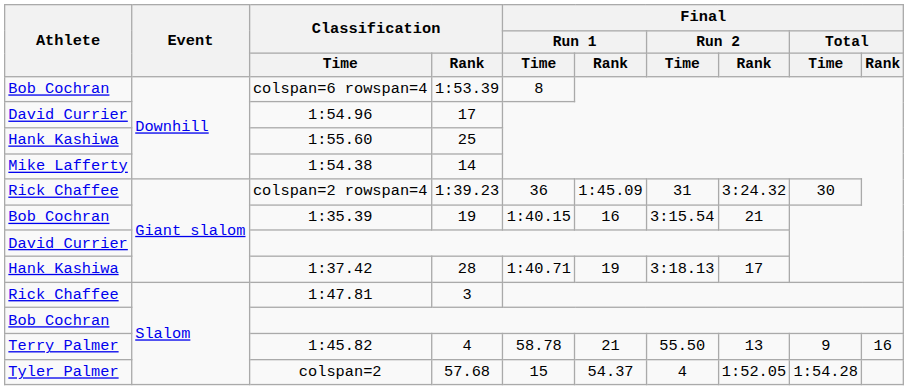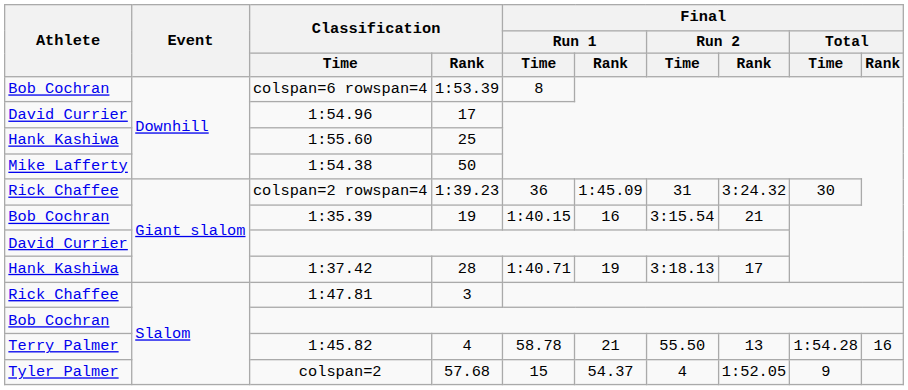 <table class=wikitable style=font-size:90%;text-align:center>
 <tr>
 <th rowspan=3>Athlete</th>
 <th rowspan=3>Event</th>
 <th rowspan=2 colspan=2>Classification</th>
 <th colspan=6>Final</th>
 </tr>
 <tr style=font-size:95%>
 <th colspan=2>Run 1</th>
 <th colspan=2>Run 2</th>
 <th colspan=2>Total</th>
 </tr>
 <tr style=font-size:95%>
 <th>Time</th>
 <th>Rank</th>
 <th>Time</th>
 <th>Rank</th>
 <th>Time</th>
 <th>Rank</th>
 <th>Time</th>
 <th>Rank</th>
 </tr>
 <tr>
 <td align=left><a href='#'>Bob Cochran</a></td>
 <td align=left rowspan=4><a href='#'>Downhill</a></td>
 <td>colspan=6 rowspan=4 </td>
 <td>1:53.39</td>
 <td>8</td>
 </tr>
 <tr>
 <td align=left><a href='#'>David Currier</a></td>
 <td>1:54.96</td>
 <td>17</td>
 </tr>
 <tr>
 <td align=left><a href='#'>Hank Kashiwa</a></td>
 <td>1:55.60</td>
 <td>25</td>
 </tr>
 <tr>
 <td align=left><a href='#'>Mike Lafferty</a></td>
 <td>1:54.38</td>
-<td>14</td>
+<td>50</td>
 </tr>
 <tr>
 <td align=left><a href='#'>Rick Chaffee</a></td>
 <td align=left rowspan=4><a href='#'>Giant slalom</a></td>
 <td>colspan=2 rowspan=4 </td>
 <td>1:39.23</td>
 <td>36</td>
 <td>1:45.09</td>
 <td>31</td>
 <td>3:24.32</td>
 <td>30</td>
 </tr>
 <tr>
 <td align=left><a href='#'>Bob Cochran</a></td>
 <td>1:35.39</td>
 <td>19</td>
 <td>1:40.15</td>
 <td>16</td>
 <td>3:15.54</td>
 <td>21</td>
 </tr>
 <tr>
 <td align=left><a href='#'>David Currier</a></td>
 <td colspan=6></td>
 </tr>
 <tr>
 <td align=left><a href='#'>Hank Kashiwa</a></td>
 <td>1:37.42</td>
 <td>28</td>
 <td>1:40.71</td>
 <td>19</td>
 <td>3:18.13</td>
 <td>17</td>
 </tr>
 <tr>
 <td align=left><a href='#'>Rick Chaffee</a></td>
 <td align=left rowspan=4><a href='#'>Slalom</a></td>
 <td>1:47.81</td>
 <td>3</td>
 <td colspan=6></td>
 </tr>
 <tr>
 <td align=left><a href='#'>Bob Cochran</a></td>
 <td colspan=8></td>
 </tr>
 <tr>
 <td align=left><a href='#'>Terry Palmer</a></td>
 <td>1:45.82</td>
 <td>4</td>
 <td>58.78</td>
 <td>21</td>
 <td>55.50</td>
 <td>13</td>
-<td>9</td>
+<td>1:54.28</td>
 <td>16</td>
 </tr>
 <tr>
 <td align=left><a href='#'>Tyler Palmer</a></td>
 <td>colspan=2 </td>
 <td>57.68</td>
 <td>15</td>
 <td>54.37</td>
 <td>4</td>
 <td>1:52.05</td>
-<td>1:54.28</td>
+<td>9</td>
 </tr>
 </table>
